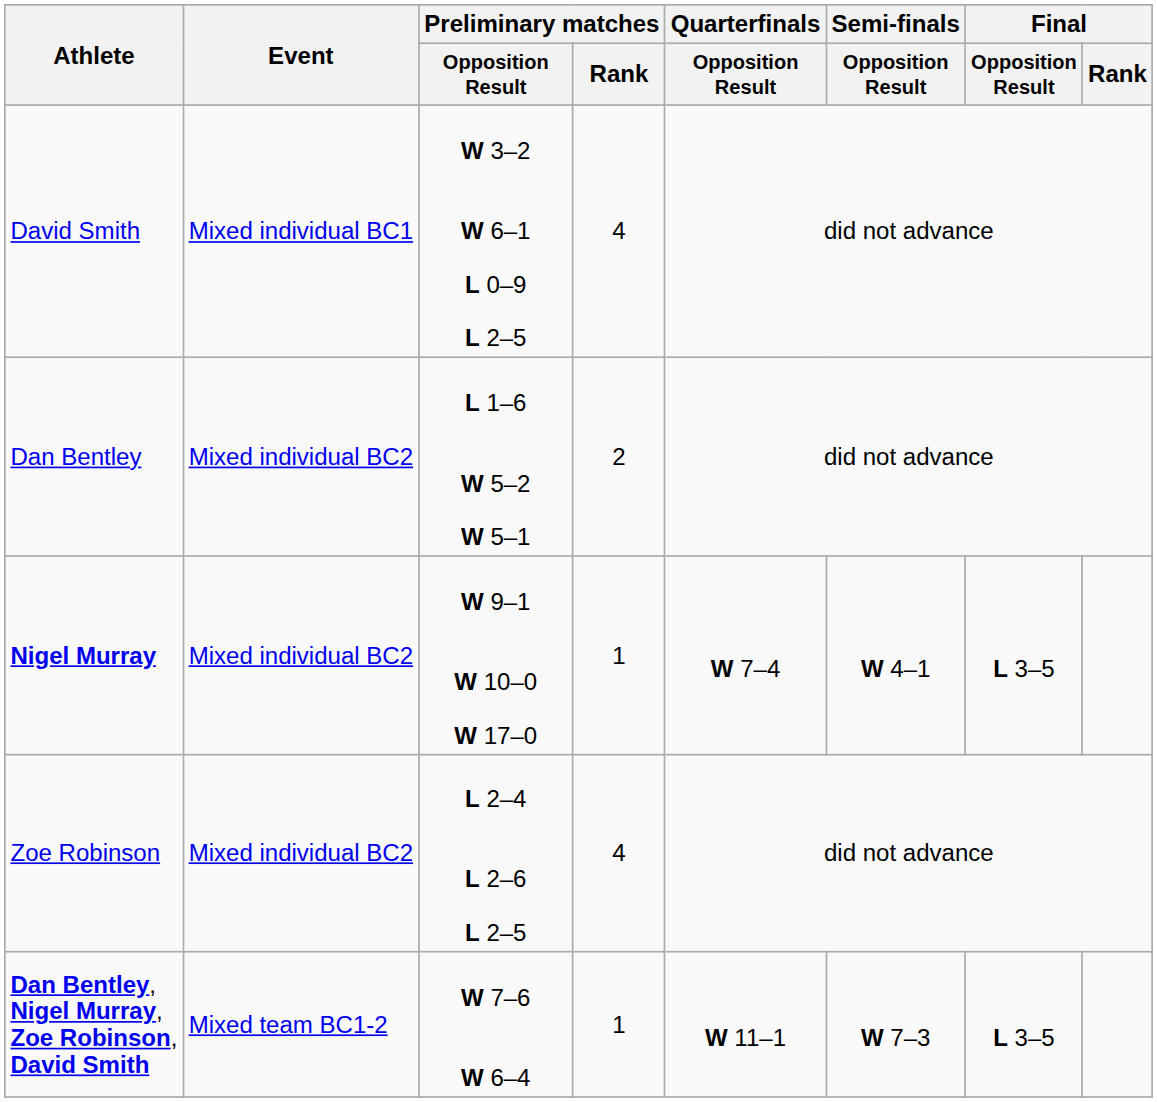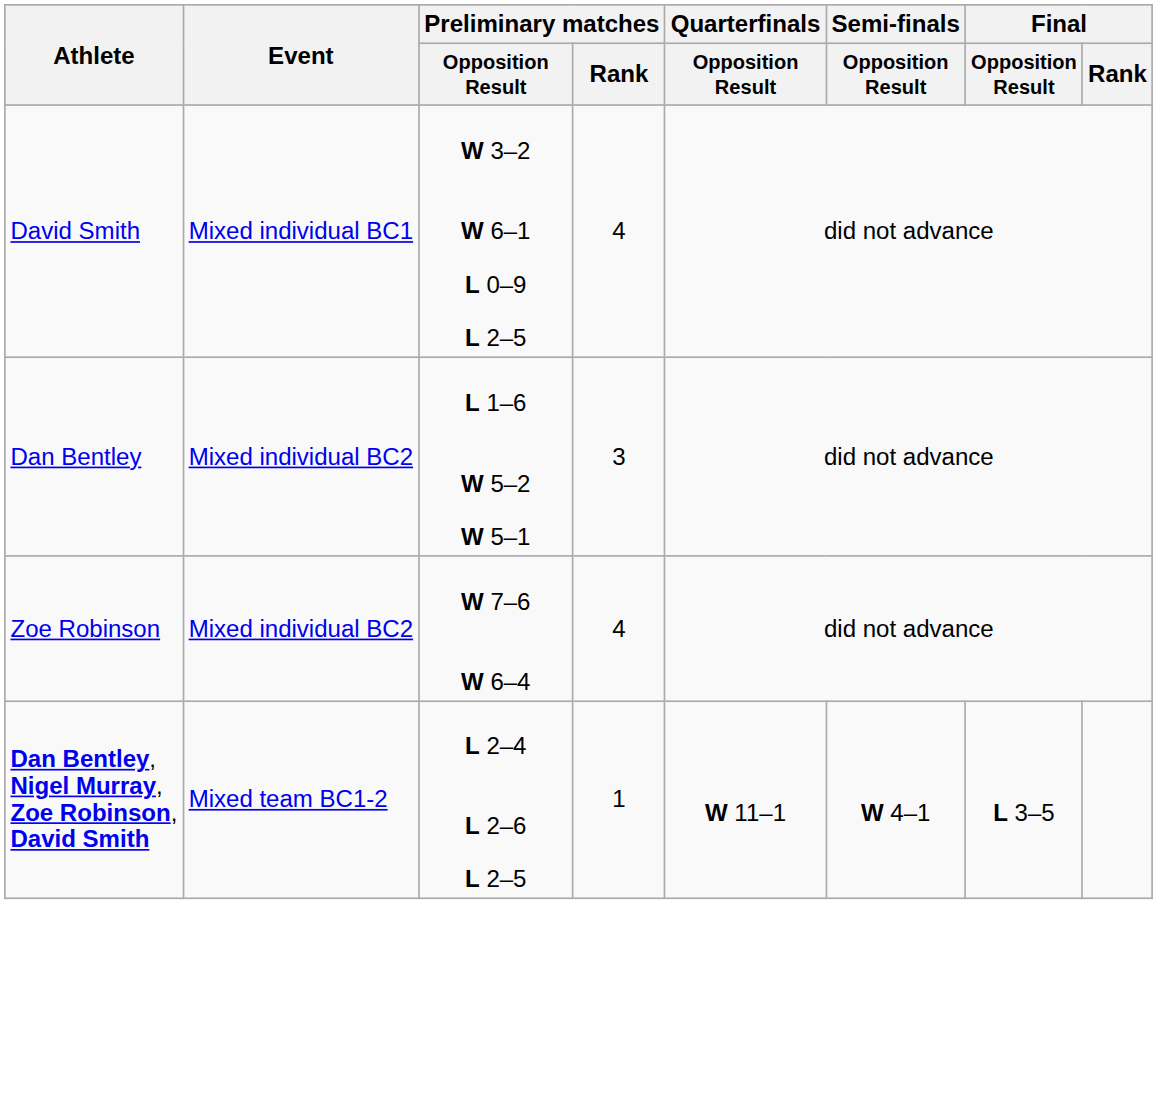 <table class=wikitable style="font-size:90%">
 <tr>
 <th rowspan="2">Athlete</th>
 <th rowspan="2">Event</th>
 <th colspan="2">Preliminary matches</th>
 <th>Quarterfinals</th>
 <th>Semi-finals</th>
 <th colspan="2">Final</th>
 </tr>
 <tr>
 <th style="line-height:1em"><small>Opposition<br>Result</small></th>
 <th>Rank</th>
 <th style="line-height:1em"><small>Opposition<br>Result</small></th>
 <th style="line-height:1em"><small>Opposition<br>Result</small></th>
 <th style="line-height:1em"><small>Opposition<br>Result</small></th>
 <th>Rank</th>
 </tr>
 <tr>
 <td><a href='#'>David Smith</a></td>
 <td><a href='#'>Mixed individual BC1</a></td>
 <td align="center"><br> <strong>W</strong> 3–2<br><br><br> <strong>W</strong> 6–1<br> <br> <strong>L</strong> 0–9<br> <br> <strong>L</strong> 2–5</td>
 <td align="center">4</td>
 <td align="center" colspan=4>did not advance</td>
 </tr>
 <tr>
 <td><a href='#'>Dan Bentley</a></td>
 <td><a href='#'>Mixed individual BC2</a></td>
 <td align="center"><br> <strong>L</strong> 1–6<br><br><br> <strong>W</strong> 5–2<br> <br> <strong>W</strong> 5–1</td>
-<td align="center">2</td>
+<td align="center">3</td>
 <td align="center" colspan=4>did not advance</td>
-</tr>
-<tr>
-<td><strong><a href='#'>Nigel Murray</a></strong></td>
-<td><a href='#'>Mixed individual BC2</a></td>
-<td align="center"><br> <strong>W</strong> 9–1<br><br><br> <strong>W</strong> 10–0<br> <br> <strong>W</strong> 17–0</td>
-<td align="center">1</td>
-<td align="center"><br> <strong>W</strong> 7–4</td>
-<td align="center"><br> <strong>W</strong> 4–1</td>
-<td align="center"><br> <strong>L</strong> 3–5</td>
-<td align="center"></td>
 </tr>
 <tr>
 <td><a href='#'>Zoe Robinson</a></td>
 <td><a href='#'>Mixed individual BC2</a></td>
-<td align="center"><br> <strong>L</strong> 2–4<br><br><br> <strong>L</strong> 2–6<br> <br> <strong>L</strong> 2–5</td>
+<td align="center"><br><strong>W</strong> 7–6<br><br><br><strong>W</strong> 6–4</td>
 <td align="center">4</td>
 <td align="center" colspan=4>did not advance</td>
 </tr>
 <tr>
 <td><strong><a href='#'>Dan Bentley</a></strong>,<br><strong><a href='#'>Nigel Murray</a></strong>,<br><strong><a href='#'>Zoe Robinson</a></strong>,<br><strong><a href='#'>David Smith</a></strong></td>
 <td><a href='#'>Mixed team BC1-2</a></td>
-<td align="center"><br><strong>W</strong> 7–6<br><br><br><strong>W</strong> 6–4</td>
+<td align="center"><br> <strong>L</strong> 2–4<br><br><br> <strong>L</strong> 2–6<br> <br> <strong>L</strong> 2–5</td>
 <td align="center">1</td>
 <td align="center"><br><strong>W</strong> 11–1</td>
-<td align="center"><br> <strong>W</strong> 7–3</td>
+<td align="center"><br> <strong>W</strong> 4–1</td>
 <td align="center"><br> <strong>L</strong> 3–5</td>
 <td align="center"></td>
 </tr>
 </table>
